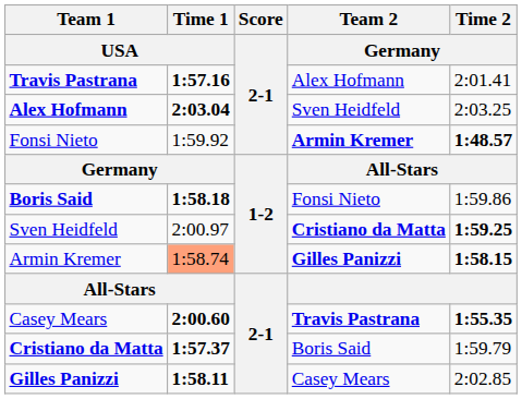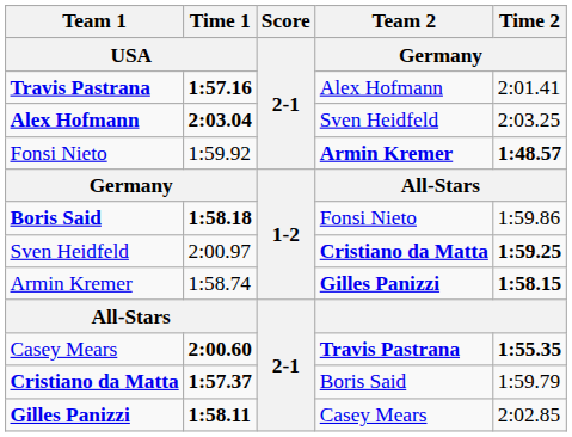 <table class="wikitable">
 <tr>
 <th>Team 1</th>
 <th>Time 1</th>
 <th>Score</th>
 <th>Team 2</th>
 <th>Time 2</th>
 </tr>
 <tr>
 <th colspan=2> <strong>USA</strong></th>
 <th rowspan=4>2-1</th>
 <th colspan=2> Germany</th>
 </tr>
 <tr>
 <td><strong><a href='#'>Travis Pastrana</a></strong></td>
 <td><strong>1:57.16</strong></td>
 <td><a href='#'>Alex Hofmann</a></td>
 <td>2:01.41</td>
 </tr>
 <tr>
 <td><strong><a href='#'>Alex Hofmann</a></strong></td>
 <td><strong>2:03.04</strong></td>
 <td><a href='#'>Sven Heidfeld</a></td>
 <td>2:03.25</td>
 </tr>
 <tr>
 <td><a href='#'>Fonsi Nieto</a></td>
 <td>1:59.92</td>
 <td><strong><a href='#'>Armin Kremer</a></strong></td>
 <td><strong>1:48.57</strong></td>
 </tr>
 <tr>
 <th colspan=2> Germany</th>
 <th rowspan=4>1-2</th>
 <th colspan=2> <strong>All-Stars</strong></th>
 </tr>
 <tr>
 <td><strong><a href='#'>Boris Said</a></strong></td>
 <td><strong>1:58.18</strong></td>
 <td><a href='#'>Fonsi Nieto</a></td>
 <td>1:59.86</td>
 </tr>
 <tr>
 <td><a href='#'>Sven Heidfeld</a></td>
 <td>2:00.97</td>
 <td><strong><a href='#'>Cristiano da Matta</a></strong></td>
 <td><strong>1:59.25</strong></td>
 </tr>
 <tr>
 <td><a href='#'>Armin Kremer</a></td>
-<td style="background: lightsalmon;">1:58.74</td>
+<td>1:58.74</td>
 <td><strong><a href='#'>Gilles Panizzi</a></strong></td>
 <td><strong>1:58.15</strong></td>
 </tr>
 <tr>
 <th colspan=2> <strong>All-Stars</strong></th>
 <th rowspan=4>2-1</th>
 <th colspan=2></th>
 </tr>
 <tr>
 <td><a href='#'>Casey Mears</a></td>
 <td><strong>2:00.60</strong></td>
 <td><strong><a href='#'>Travis Pastrana</a></strong></td>
 <td><strong>1:55.35</strong></td>
 </tr>
 <tr>
 <td><strong><a href='#'>Cristiano da Matta</a></strong></td>
 <td><strong>1:57.37</strong></td>
 <td><a href='#'>Boris Said</a></td>
 <td>1:59.79</td>
 </tr>
 <tr>
 <td><strong><a href='#'>Gilles Panizzi</a></strong></td>
 <td><strong>1:58.11</strong></td>
 <td><a href='#'>Casey Mears</a></td>
 <td>2:02.85</td>
 </tr>
 </table>
